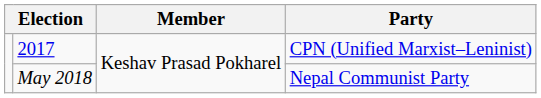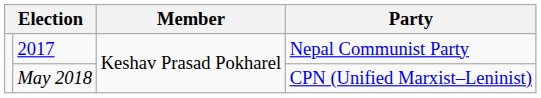 <table class="wikitable">
 <tr>
 <th colspan="2">Election</th>
 <th>Member</th>
 <th>Party</th>
 </tr>
 <tr>
 <td rowspan="2" style="background-color:"></td>
 <td><a href='#'>2017</a></td>
 <td rowspan="2">Keshav Prasad Pokharel</td>
-<td><a href='#'>CPN (Unified Marxist–Leninist)</a></td>
+<td><a href='#'>Nepal Communist Party</a></td>
 </tr>
 <tr>
 <td><em>May 2018</em></td>
-<td><a href='#'>Nepal Communist Party</a></td>
+<td><a href='#'>CPN (Unified Marxist–Leninist)</a></td>
 </tr>
 </table>
